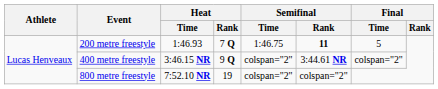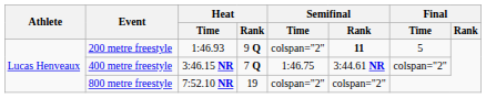 <table class="wikitable" style="text-align:center; font-size:90%; width:50%;">
 <tr>
 <th rowspan="2">Athlete</th>
 <th rowspan="2">Event</th>
 <th colspan="2">Heat</th>
 <th colspan="2">Semifinal</th>
 <th colspan="2">Final</th>
 </tr>
 <tr style="font-size:95%">
 <th>Time</th>
 <th>Rank</th>
 <th>Time</th>
 <th>Rank</th>
 <th>Time</th>
 <th>Rank</th>
 </tr>
 <tr align=center>
 <td align=left rowspan="3"><a href='#'>Lucas Henveaux</a></td>
 <td align=left><a href='#'>200 metre freestyle</a></td>
 <td>1:46.93</td>
-<td>7 <strong>Q</strong></td>
-<td>1:46.75</td>
+<td>9 <strong>Q</strong></td>
+<td>colspan="2" </td>
 <td><strong>11</strong></td>
 <td>5</td>
 </tr>
 <tr align=center>
 <td align=left><a href='#'>400 metre freestyle</a></td>
 <td>3:46.15 <strong><a href='#'>NR</a></strong></td>
-<td>9 <strong>Q</strong></td>
-<td>colspan="2" </td>
+<td>7 <strong>Q</strong></td>
+<td>1:46.75</td>
 <td>3:44.61 <strong><a href='#'>NR</a></strong></td>
 <td>colspan="2" </td>
 </tr>
 <tr align=center>
 <td align=left><a href='#'>800 metre freestyle</a></td>
 <td>7:52.10 <strong><a href='#'>NR</a></strong></td>
 <td>19</td>
 <td>colspan="2" </td>
 <td>colspan="2" </td>
 </tr>
 </table>
